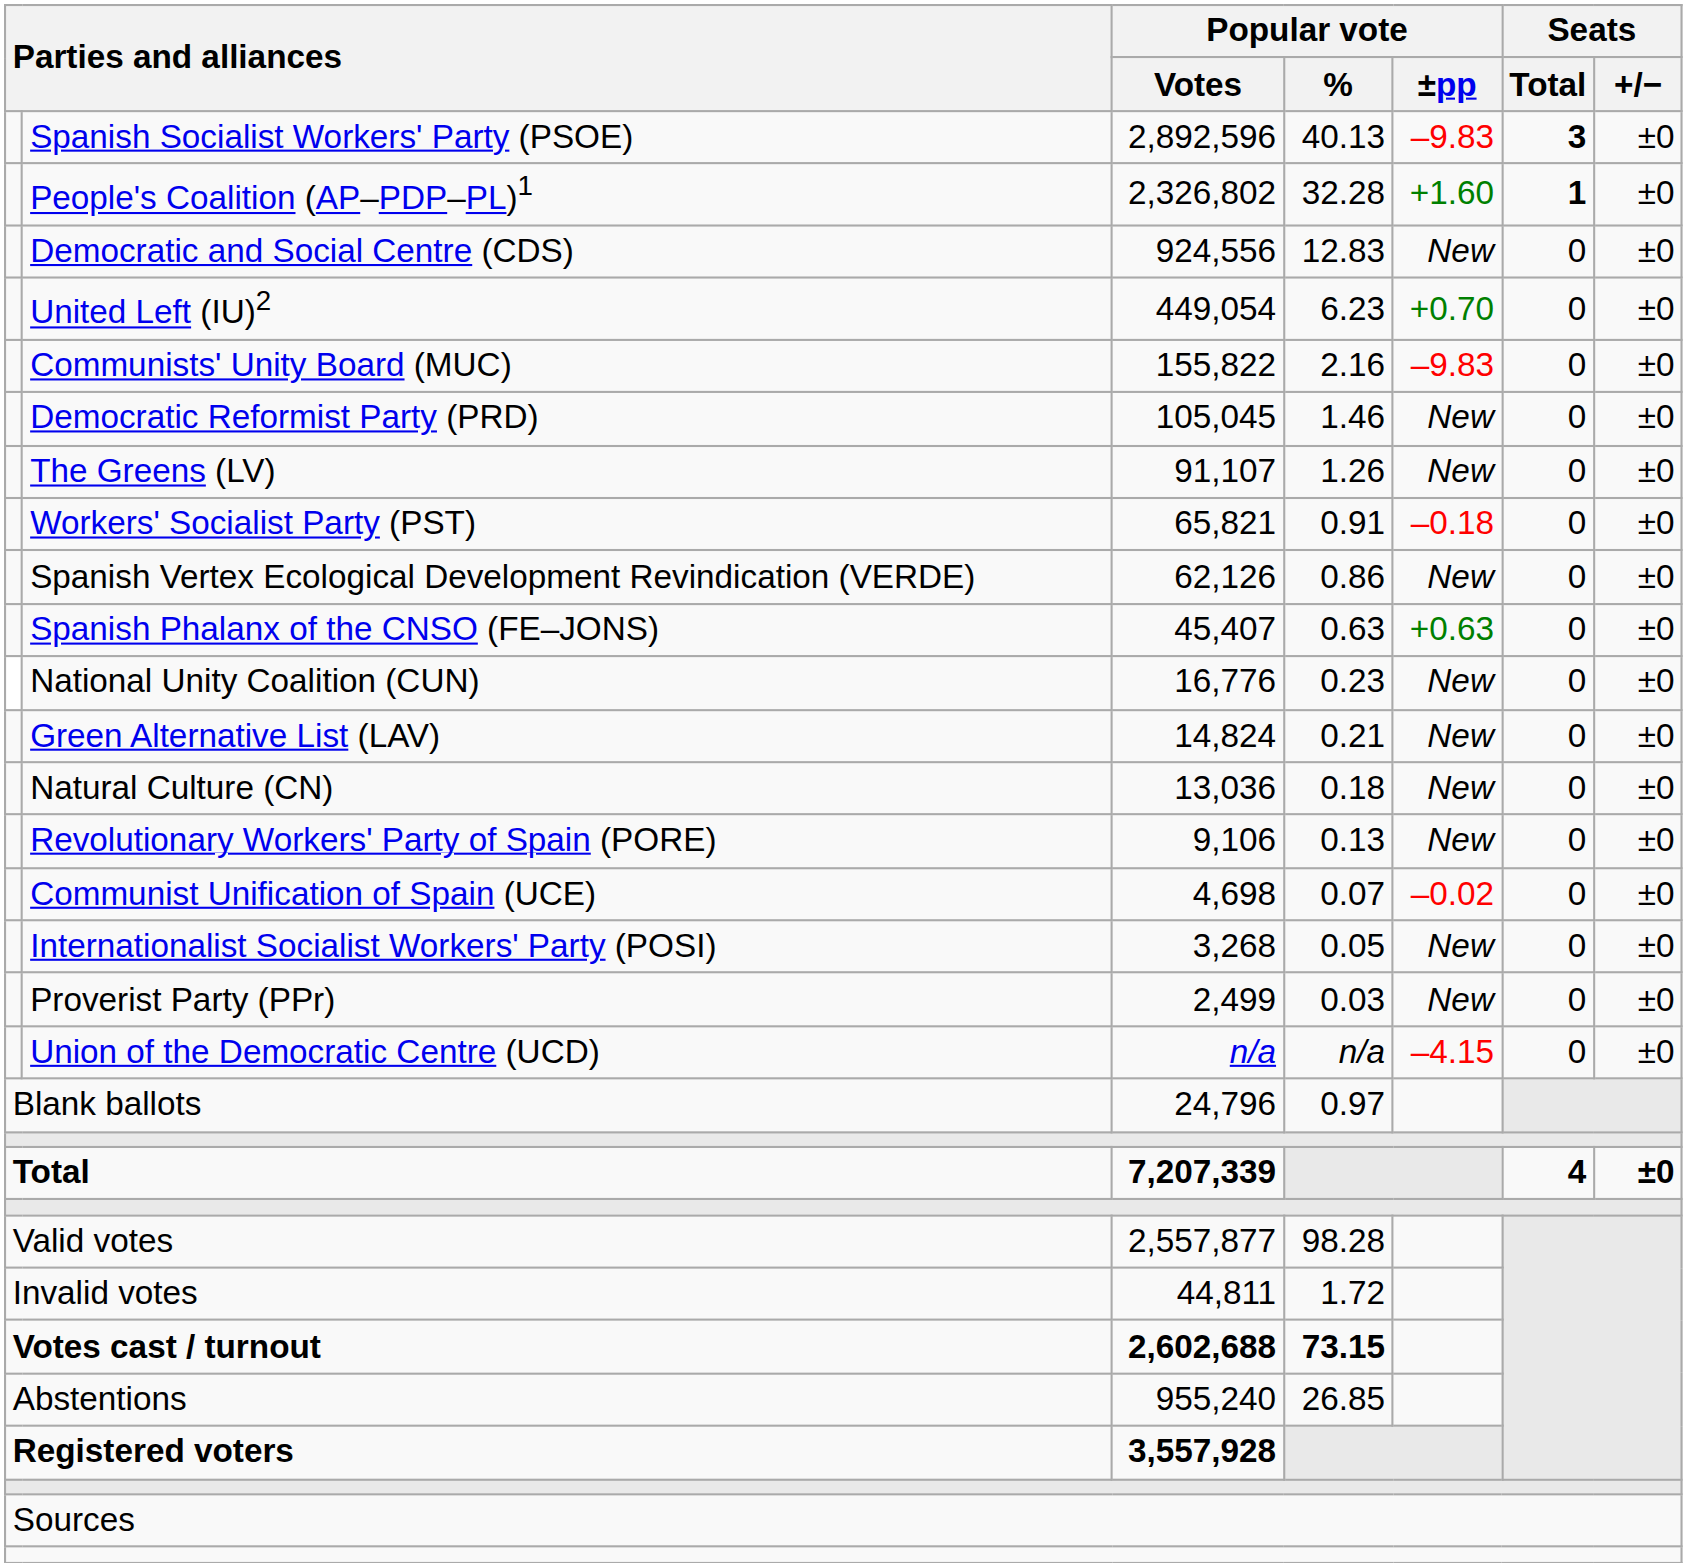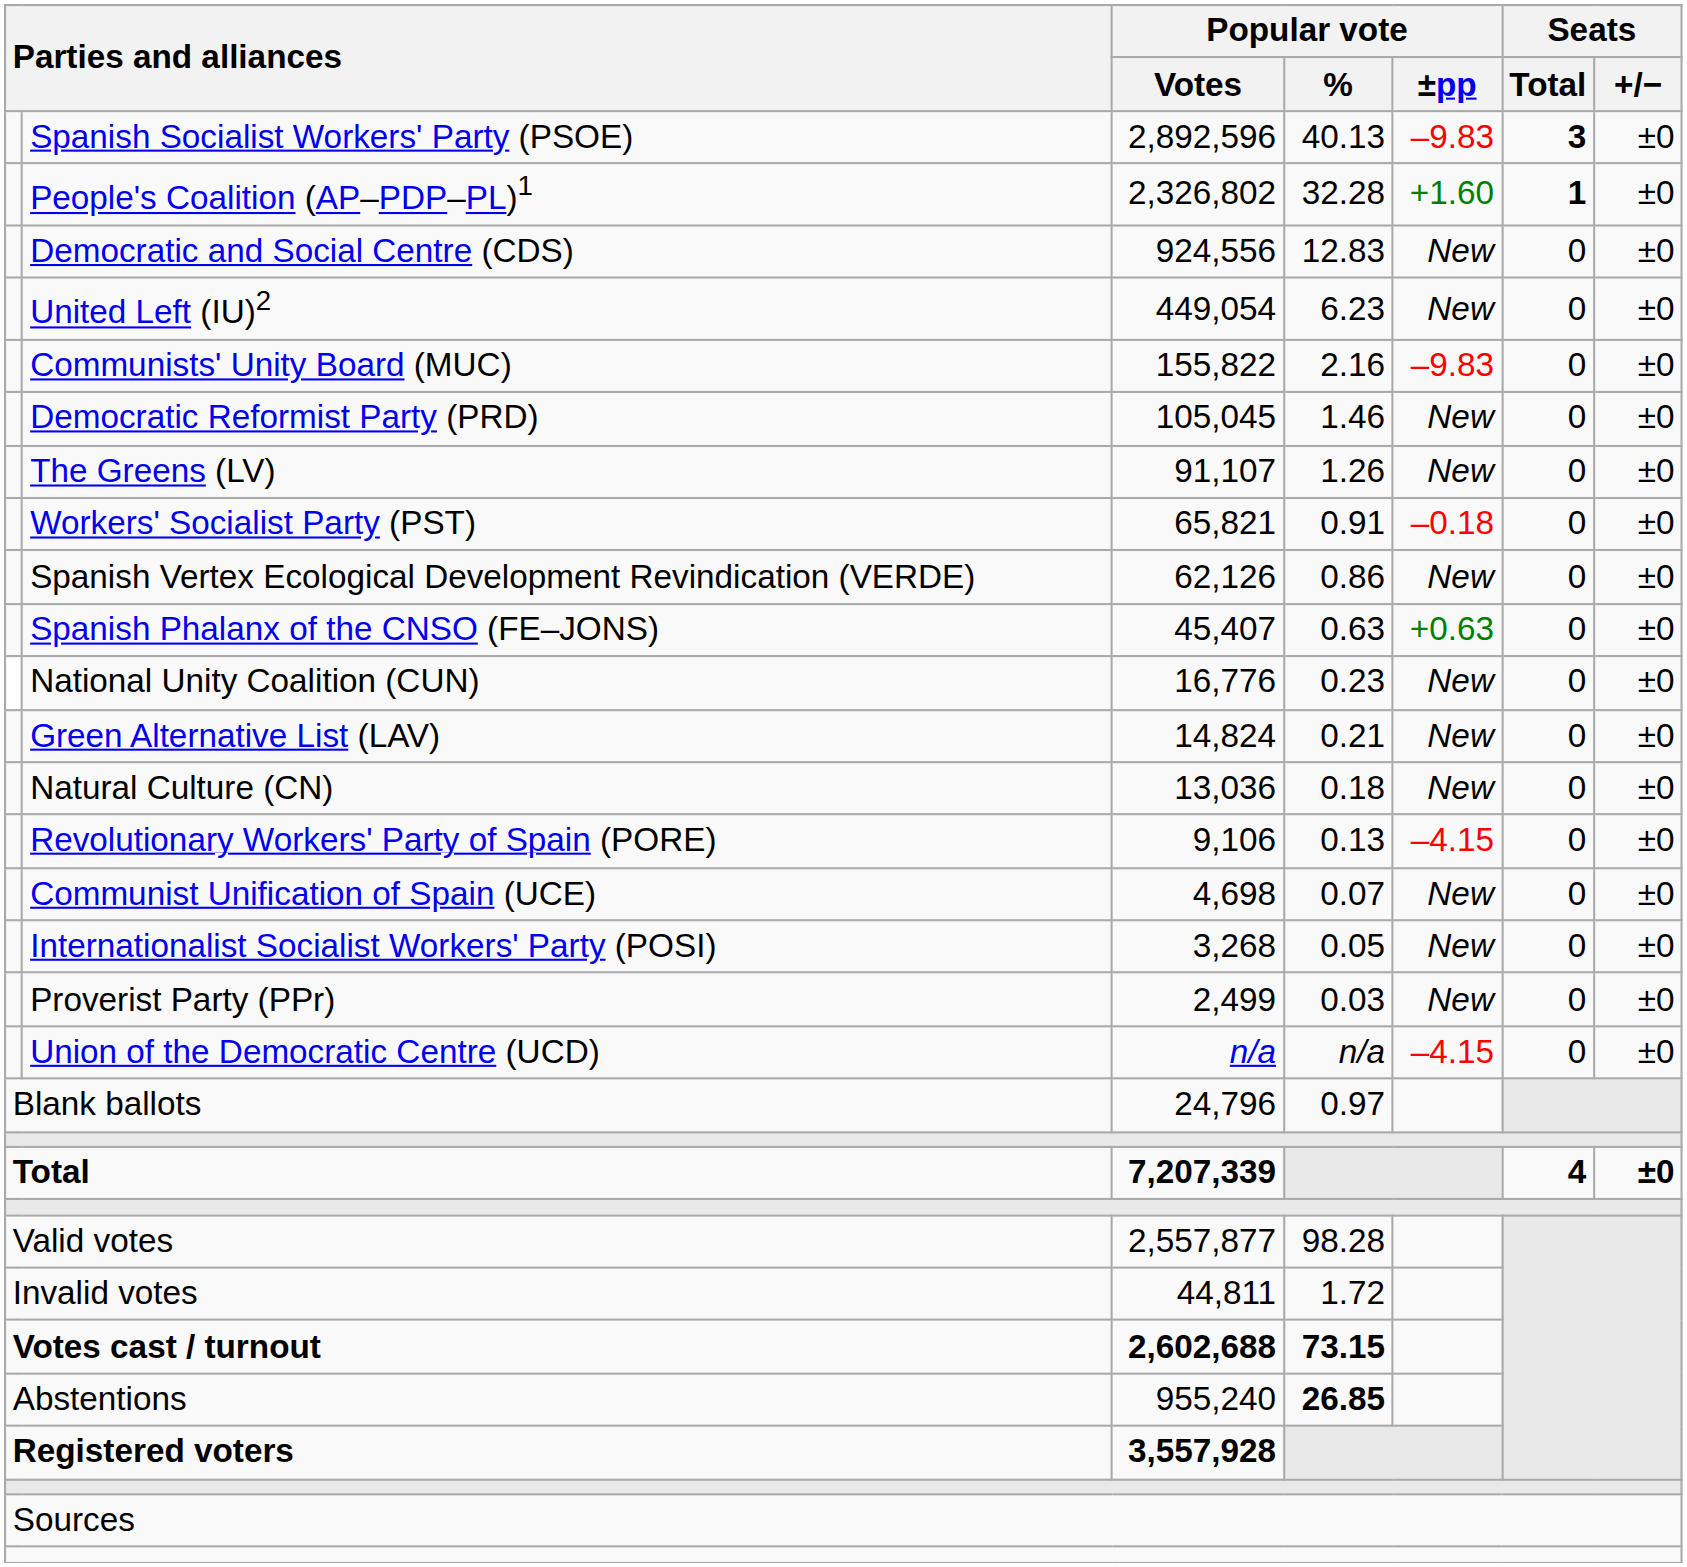 <table class="wikitable" style="text-align:right;">
 <tr>
 <th style="text-align:left;" rowspan="2" colspan="2" width="525">Parties and alliances</th>
 <th colspan="3">Popular vote</th>
 <th colspan="2">Seats</th>
 </tr>
 <tr>
 <th width="75">Votes</th>
 <th width="45">%</th>
 <th width="45">±<a href='#'>pp</a></th>
 <th width="35">Total</th>
 <th width="35">+/−</th>
 </tr>
 <tr>
 <td width="1" style="color:inherit;background:"></td>
 <td align="left"><a href='#'>Spanish Socialist Workers' Party</a> (PSOE)</td>
 <td>2,892,596</td>
 <td>40.13</td>
 <td style="color:red;">–9.83</td>
 <td><strong>3</strong></td>
 <td>±0</td>
 </tr>
 <tr>
 <td style="color:inherit;background:"></td>
 <td align="left"><a href='#'>People's Coalition</a> (<a href='#'>AP</a>–<a href='#'>PDP</a>–<a href='#'>PL</a>)<sup>1</sup></td>
 <td>2,326,802</td>
 <td>32.28</td>
 <td style="color:green;">+1.60</td>
 <td><strong>1</strong></td>
 <td>±0</td>
 </tr>
 <tr>
 <td style="color:inherit;background:"></td>
 <td align="left"><a href='#'>Democratic and Social Centre</a> (CDS)</td>
 <td>924,556</td>
 <td>12.83</td>
 <td><em>New</em></td>
 <td>0</td>
 <td>±0</td>
 </tr>
 <tr>
 <td style="color:inherit;background:"></td>
 <td align="left"><a href='#'>United Left</a> (IU)<sup>2</sup></td>
 <td>449,054</td>
 <td>6.23</td>
-<td style="color:green;">+0.70</td>
+<td><em>New</em></td>
 <td>0</td>
 <td>±0</td>
 </tr>
 <tr>
 <td style="color:inherit;background:"></td>
 <td align="left"><a href='#'>Communists' Unity Board</a> (MUC)</td>
 <td>155,822</td>
 <td>2.16</td>
 <td style="color:red;">–9.83</td>
 <td>0</td>
 <td>±0</td>
 </tr>
 <tr>
 <td style="color:inherit;background:"></td>
 <td align="left"><a href='#'>Democratic Reformist Party</a> (PRD)</td>
 <td>105,045</td>
 <td>1.46</td>
 <td><em>New</em></td>
 <td>0</td>
 <td>±0</td>
 </tr>
 <tr>
 <td style="color:inherit;background:"></td>
 <td align="left"><a href='#'>The Greens</a> (LV)</td>
 <td>91,107</td>
 <td>1.26</td>
 <td><em>New</em></td>
 <td>0</td>
 <td>±0</td>
 </tr>
 <tr>
 <td style="color:inherit;background:"></td>
 <td align="left"><a href='#'>Workers' Socialist Party</a> (PST)</td>
 <td>65,821</td>
 <td>0.91</td>
 <td style="color:red;">–0.18</td>
 <td>0</td>
 <td>±0</td>
 </tr>
 <tr>
 <td style="color:inherit;background:"></td>
 <td align="left">Spanish Vertex Ecological Development Revindication (VERDE)</td>
 <td>62,126</td>
 <td>0.86</td>
 <td><em>New</em></td>
 <td>0</td>
 <td>±0</td>
 </tr>
 <tr>
 <td style="color:inherit;background:"></td>
 <td align="left"><a href='#'>Spanish Phalanx of the CNSO</a> (FE–JONS)</td>
 <td>45,407</td>
 <td>0.63</td>
 <td style="color:green;">+0.63</td>
 <td>0</td>
 <td>±0</td>
 </tr>
 <tr>
 <td bgcolor="white"></td>
 <td align="left">National Unity Coalition (CUN)</td>
 <td>16,776</td>
 <td>0.23</td>
 <td><em>New</em></td>
 <td>0</td>
 <td>±0</td>
 </tr>
 <tr>
 <td style="color:inherit;background:"></td>
 <td align="left"><a href='#'>Green Alternative List</a> (LAV)</td>
 <td>14,824</td>
 <td>0.21</td>
 <td><em>New</em></td>
 <td>0</td>
 <td>±0</td>
 </tr>
 <tr>
 <td style="color:inherit;background:"></td>
 <td align="left">Natural Culture (CN)</td>
 <td>13,036</td>
 <td>0.18</td>
 <td><em>New</em></td>
 <td>0</td>
 <td>±0</td>
 </tr>
 <tr>
 <td style="color:inherit;background:"></td>
 <td align="left"><a href='#'>Revolutionary Workers' Party of Spain</a> (PORE)</td>
 <td>9,106</td>
 <td>0.13</td>
-<td><em>New</em></td>
+<td style="color:red;">–4.15</td>
 <td>0</td>
 <td>±0</td>
 </tr>
 <tr>
 <td style="color:inherit;background:"></td>
 <td align="left"><a href='#'>Communist Unification of Spain</a> (UCE)</td>
 <td>4,698</td>
 <td>0.07</td>
-<td style="color:red;">–0.02</td>
+<td><em>New</em></td>
 <td>0</td>
 <td>±0</td>
 </tr>
 <tr>
 <td style="color:inherit;background:"></td>
 <td align="left"><a href='#'>Internationalist Socialist Workers' Party</a> (POSI)</td>
 <td>3,268</td>
 <td>0.05</td>
 <td><em>New</em></td>
 <td>0</td>
 <td>±0</td>
 </tr>
 <tr>
 <td style="color:inherit;background:"></td>
 <td align="left">Proverist Party (PPr)</td>
 <td>2,499</td>
 <td>0.03</td>
 <td><em>New</em></td>
 <td>0</td>
 <td>±0</td>
 </tr>
 <tr>
 <td style="color:inherit;background:"></td>
 <td align="left"><a href='#'>Union of the Democratic Centre</a> (UCD)</td>
 <td><em><a href='#'>n/a</a></em></td>
 <td><em>n/a</em></td>
 <td style="color:red;">–4.15</td>
 <td>0</td>
 <td>±0</td>
 </tr>
 <tr>
 <td align="left" colspan="2">Blank ballots</td>
 <td>24,796</td>
 <td>0.97</td>
 <td></td>
 <td bgcolor="#E9E9E9" colspan="2"></td>
 </tr>
 <tr>
 <td colspan="7" bgcolor="#E9E9E9"></td>
 </tr>
 <tr style="font-weight:bold;">
 <td align="left" colspan="2">Total</td>
 <td>7,207,339</td>
 <td bgcolor="#E9E9E9" colspan="2"></td>
 <td>4</td>
 <td>±0</td>
 </tr>
 <tr>
 <td colspan="7" bgcolor="#E9E9E9"></td>
 </tr>
 <tr>
 <td align="left" colspan="2">Valid votes</td>
 <td>2,557,877</td>
 <td>98.28</td>
 <td></td>
 <td bgcolor="#E9E9E9" colspan="2" rowspan="5"></td>
 </tr>
 <tr>
 <td align="left" colspan="2">Invalid votes</td>
 <td>44,811</td>
 <td>1.72</td>
 <td></td>
 </tr>
 <tr style="font-weight:bold;">
 <td align="left" colspan="2">Votes cast / turnout</td>
 <td>2,602,688</td>
 <td>73.15</td>
 <td></td>
 </tr>
 <tr>
 <td align="left" colspan="2">Abstentions</td>
 <td>955,240</td>
-<td>26.85</td>
+<td><strong>26.85</strong></td>
 <td></td>
 </tr>
 <tr style="font-weight:bold;">
 <td align="left" colspan="2">Registered voters</td>
 <td>3,557,928</td>
 <td bgcolor="#E9E9E9" colspan="2"></td>
 </tr>
 <tr>
 <td colspan="7" bgcolor="#E9E9E9"></td>
 </tr>
 <tr>
 <td align="left" colspan="7">Sources</td>
 </tr>
 <tr>
 <td colspan="7" style="text-align:left; max-width:790px;"></td>
 </tr>
 </table>
